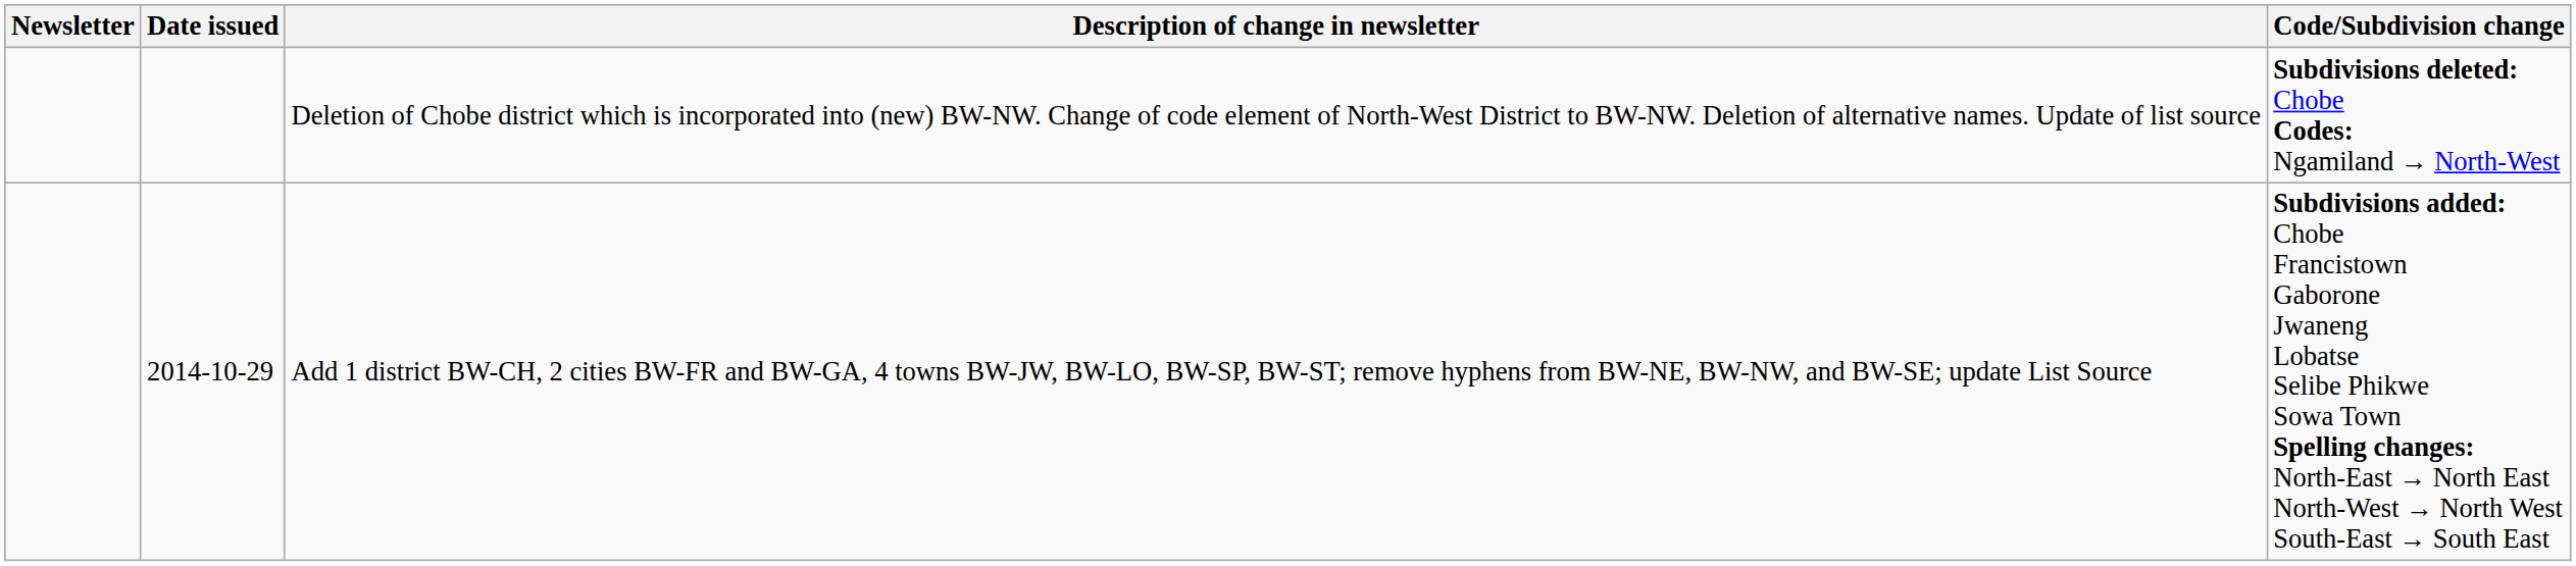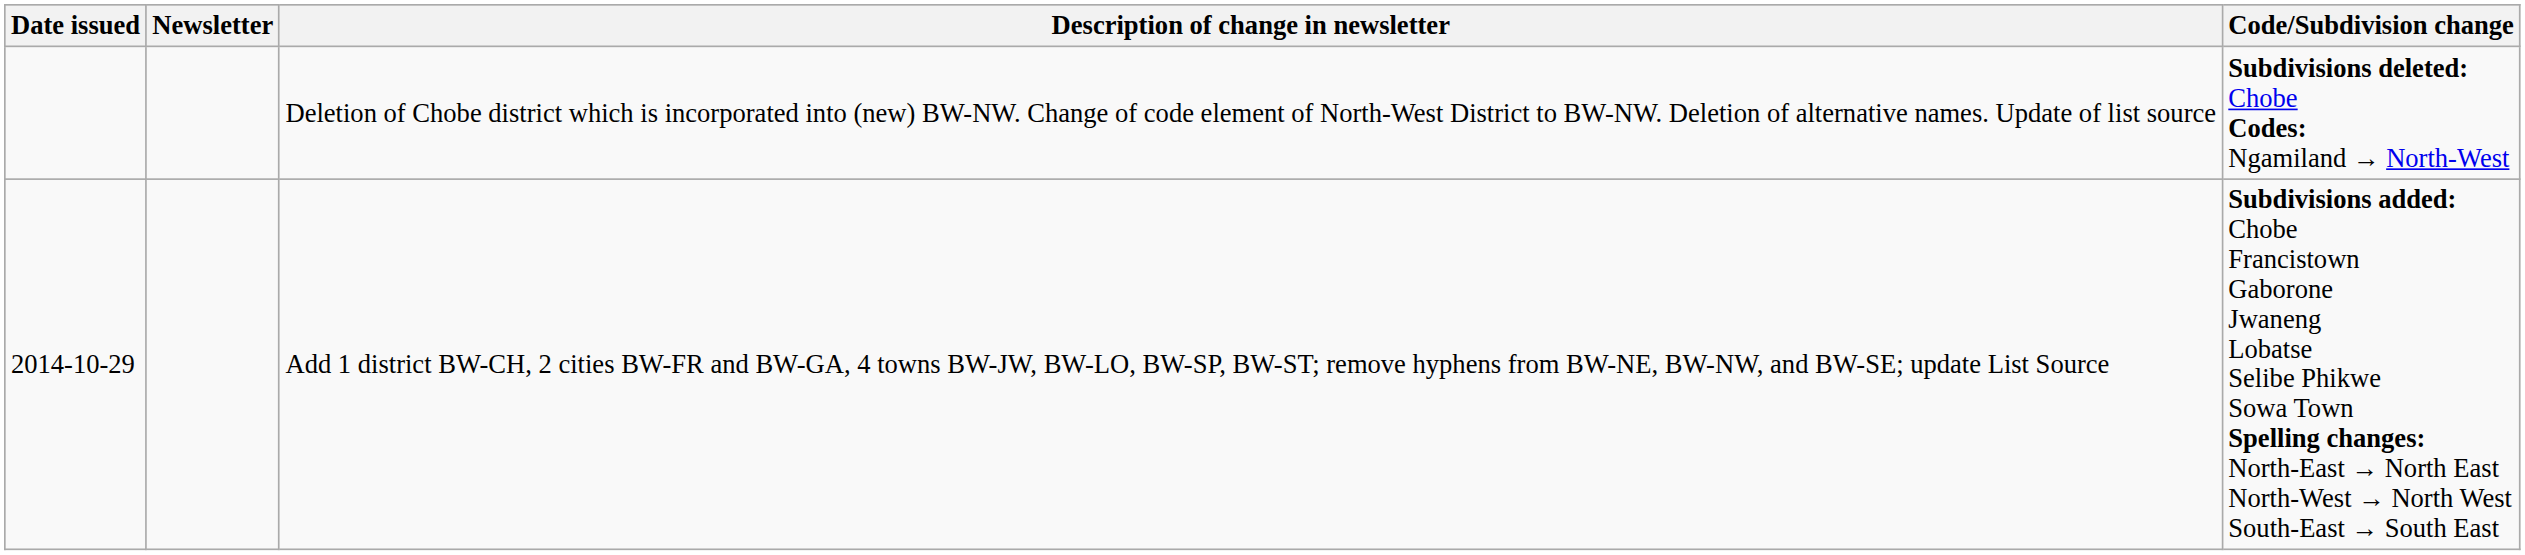 <table class="wikitable">
 <tr>
+<th>Date issued</th>
 <th>Newsletter</th>
-<th>Date issued</th>
 <th>Description of change in newsletter</th>
 <th>Code/Subdivision change</th>
 </tr>
 <tr>
+<td></td>
 <td id="I-5"></td>
-<td></td>
 <td>Deletion of Chobe district which is incorporated into (new) BW-NW. Change of code element of North-West District to BW-NW. Deletion of alternative names. Update of list source</td>
 <td style=white-space:nowrap><strong>Subdivisions deleted:</strong><br>  <a href='#'>Chobe</a><br> <strong>Codes:</strong><br>  Ngamiland →  <a href='#'>North-West</a></td>
 </tr>
 <tr>
+<td>2014-10-29</td>
 <td></td>
-<td>2014-10-29</td>
 <td>Add 1 district BW-CH, 2 cities BW-FR and BW-GA, 4 towns BW-JW, BW-LO, BW-SP, BW-ST; remove hyphens from BW-NE, BW-NW, and BW-SE; update List Source</td>
 <td><strong>Subdivisions added:</strong><br> Chobe<br> Francistown<br>  	Gaborone<br> Jwaneng<br> Lobatse<br> Selibe Phikwe<br> Sowa Town<br><strong>Spelling changes:</strong><br> North-East → North East<br> North-West → North West<br> South-East → South East<br></td>
 </tr>
 </table>
